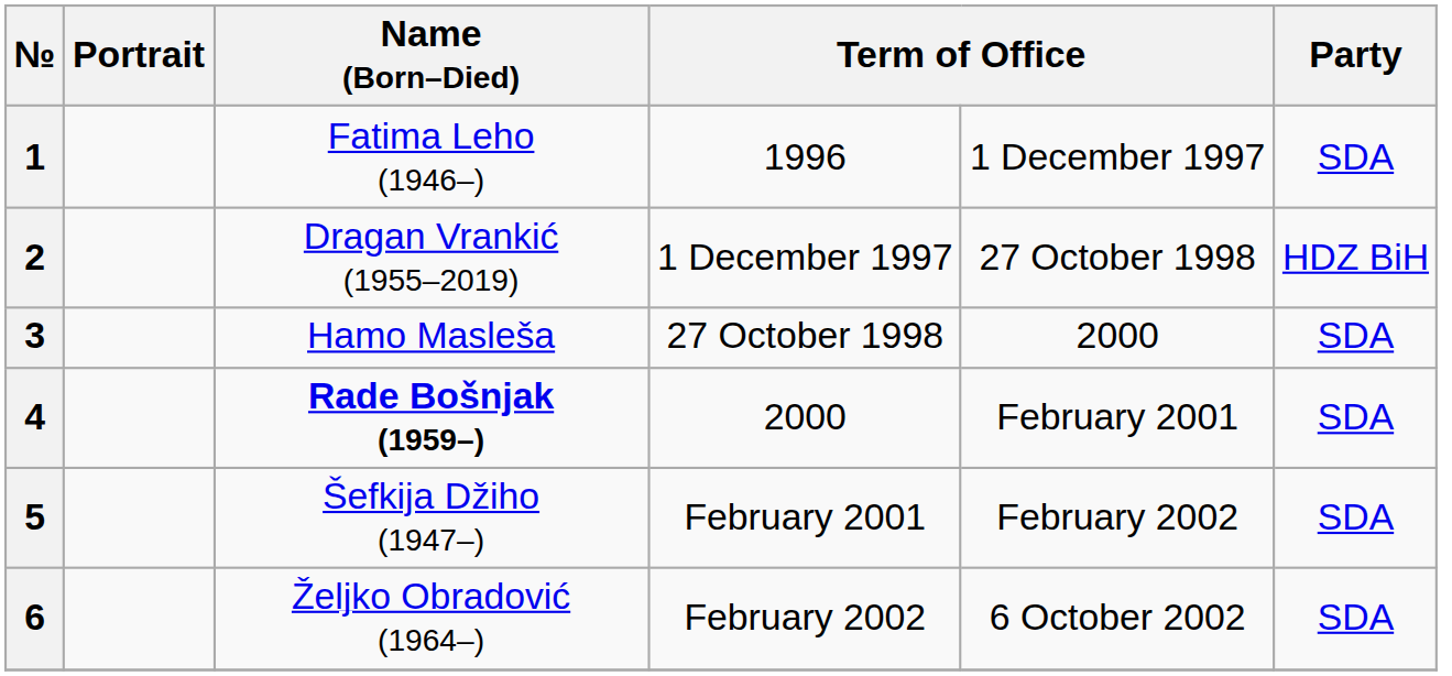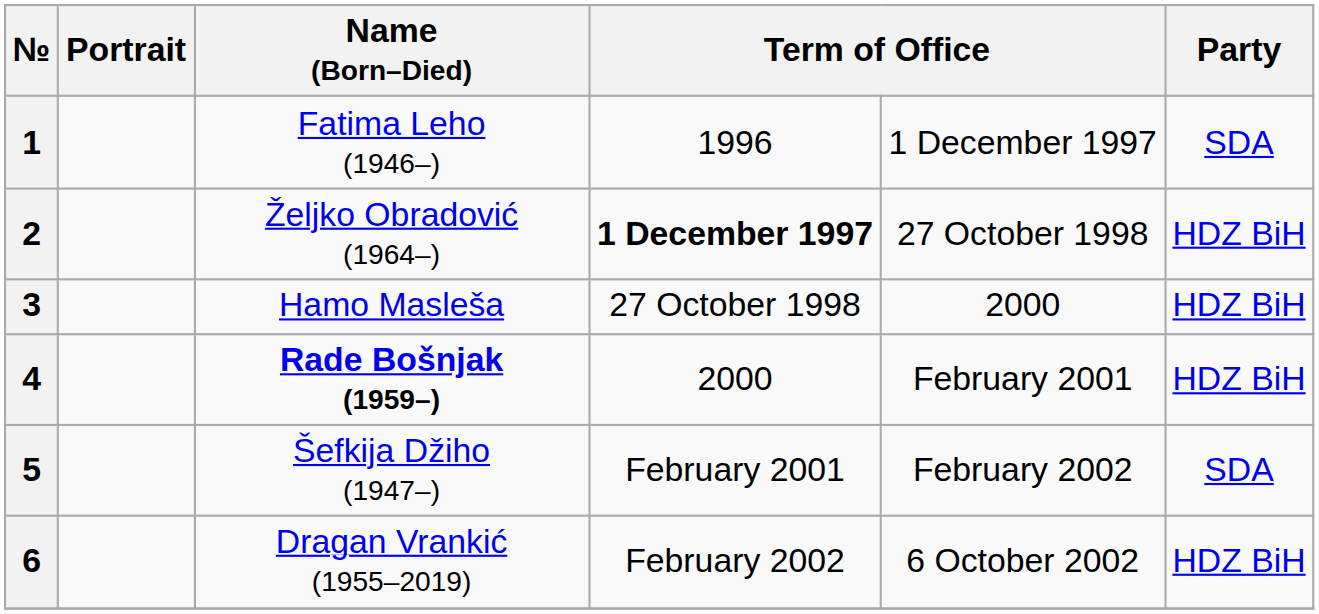 <table class="wikitable" style="text-align:center">
 <tr ->
 <th>№</th>
 <th>Portrait</th>
 <th width=180>Name<br><small>(Born–Died)</small></th>
 <th colspan=2>Term of Office</th>
 <th>Party</th>
 </tr>
 <tr ->
 <th style="background:">1</th>
 <td></td>
 <td><a href='#'>Fatima Leho</a><br><small>(1946–)</small></td>
 <td>1996</td>
 <td>1 December 1997</td>
 <td><a href='#'>SDA</a></td>
 </tr>
 <tr ->
 <th style="background:">2</th>
 <td></td>
-<td><a href='#'>Dragan Vrankić</a><br><small>(1955–2019)</small></td>
-<td>1 December 1997</td>
+<td><a href='#'>Željko Obradović</a><br><small>(1964–)</small></td>
+<td><strong>1 December 1997</strong></td>
 <td>27 October 1998</td>
 <td><a href='#'>HDZ BiH</a></td>
 </tr>
 <tr ->
 <th style="background:">3</th>
 <td></td>
 <td><a href='#'>Hamo Masleša</a></td>
 <td>27 October 1998</td>
 <td>2000</td>
-<td><a href='#'>SDA</a></td>
+<td><a href='#'>HDZ BiH</a></td>
 </tr>
 <tr ->
 <th style="background:">4</th>
 <td></td>
 <td><strong><a href='#'>Rade Bošnjak</a><br><small>(1959–)</small></strong></td>
 <td>2000</td>
 <td>February 2001</td>
-<td><a href='#'>SDA</a></td>
+<td><a href='#'>HDZ BiH</a></td>
 </tr>
 <tr ->
 <th style="background:">5</th>
 <td></td>
 <td><a href='#'>Šefkija Džiho</a><br><small>(1947–)</small></td>
 <td>February 2001</td>
 <td>February 2002</td>
 <td><a href='#'>SDA</a></td>
 </tr>
 <tr ->
 <th style="background:">6</th>
 <td></td>
-<td><a href='#'>Željko Obradović</a><br><small>(1964–)</small></td>
+<td><a href='#'>Dragan Vrankić</a><br><small>(1955–2019)</small></td>
 <td>February 2002</td>
 <td>6 October 2002</td>
-<td><a href='#'>SDA</a></td>
+<td><a href='#'>HDZ BiH</a></td>
 </tr>
 <tr ->
 </tr>
 </table>
